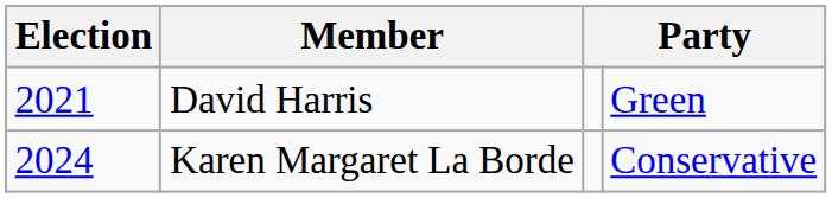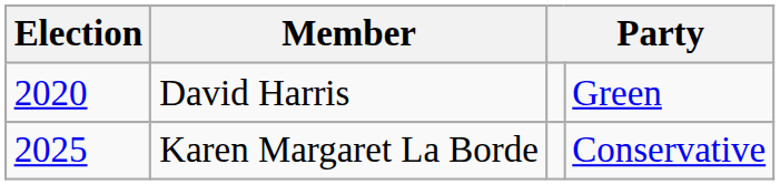 <table class="wikitable">
 <tr>
 <th>Election</th>
 <th>Member</th>
 <th colspan="2">Party</th>
 </tr>
 <tr>
-<td><a href='#'>2021</a></td>
+<td><a href='#'>2020</a></td>
 <td>David Harris</td>
 <td style="background-color: "></td>
 <td><a href='#'>Green</a></td>
 </tr>
 <tr>
-<td><a href='#'>2024</a></td>
+<td><a href='#'>2025</a></td>
 <td>Karen Margaret La Borde</td>
 <td style="background-color: "></td>
 <td><a href='#'>Conservative</a></td>
 </tr>
 </table>
